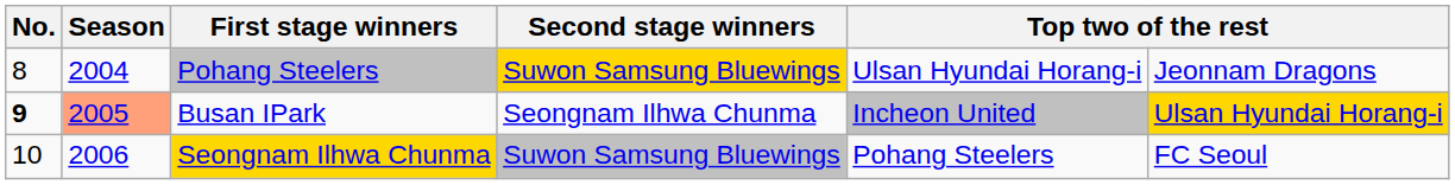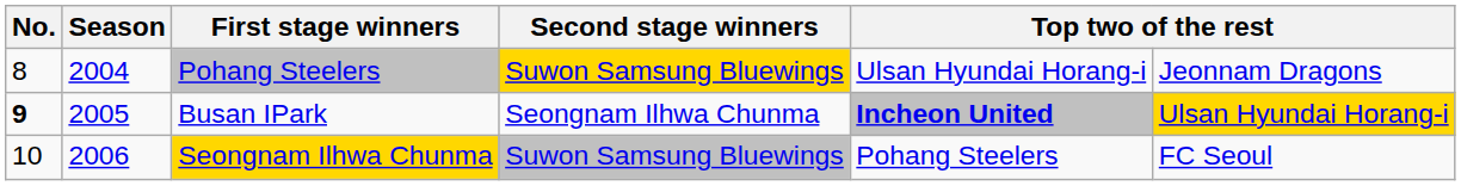 <table class="wikitable">
 <tr>
 <th>No.</th>
 <th>Season</th>
 <th>First stage winners</th>
 <th>Second stage winners</th>
 <th colspan="2">Top two of the rest</th>
 </tr>
 <tr>
 <td>8</td>
 <td><a href='#'>2004</a></td>
 <td bgcolor=silver><a href='#'>Pohang Steelers</a></td>
 <td bgcolor=gold><a href='#'>Suwon Samsung Bluewings</a></td>
 <td><a href='#'>Ulsan Hyundai Horang-i</a></td>
 <td><a href='#'>Jeonnam Dragons</a></td>
 </tr>
 <tr>
 <td><strong>9</strong></td>
-<td style="background: lightsalmon;"><a href='#'>2005</a></td>
+<td><a href='#'>2005</a></td>
 <td><a href='#'>Busan IPark</a></td>
 <td><a href='#'>Seongnam Ilhwa Chunma</a></td>
-<td bgcolor=silver><a href='#'>Incheon United</a></td>
+<td bgcolor=silver><strong><a href='#'>Incheon United</a></strong></td>
 <td bgcolor=gold><a href='#'>Ulsan Hyundai Horang-i</a></td>
 </tr>
 <tr>
 <td>10</td>
 <td><a href='#'>2006</a></td>
 <td bgcolor=gold><a href='#'>Seongnam Ilhwa Chunma</a></td>
 <td bgcolor=silver><a href='#'>Suwon Samsung Bluewings</a></td>
 <td><a href='#'>Pohang Steelers</a></td>
 <td><a href='#'>FC Seoul</a></td>
 </tr>
 </table>
